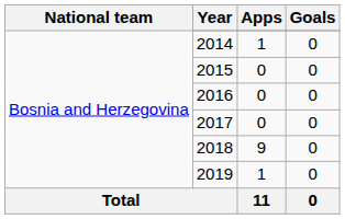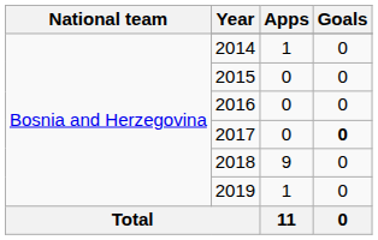 <table class=wikitable style="text-align: center">
 <tr>
 <th>National team</th>
 <th>Year</th>
 <th>Apps</th>
 <th>Goals</th>
 </tr>
 <tr>
 <td rowspan=7><a href='#'>Bosnia and Herzegovina</a></td>
 </tr>
 <tr>
 <td>2014</td>
 <td>1</td>
 <td>0</td>
 </tr>
 <tr>
 <td>2015</td>
 <td>0</td>
 <td>0</td>
 </tr>
 <tr>
 <td>2016</td>
 <td>0</td>
 <td>0</td>
 </tr>
 <tr>
 <td>2017</td>
 <td>0</td>
-<td>0</td>
+<td><strong>0</strong></td>
 </tr>
 <tr>
 <td>2018</td>
 <td>9</td>
 <td>0</td>
 </tr>
 <tr>
 <td>2019</td>
 <td>1</td>
 <td>0</td>
 </tr>
 <tr>
 <th colspan=2>Total</th>
 <th>11</th>
 <th>0</th>
 </tr>
 </table>
